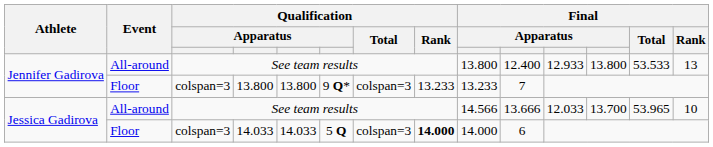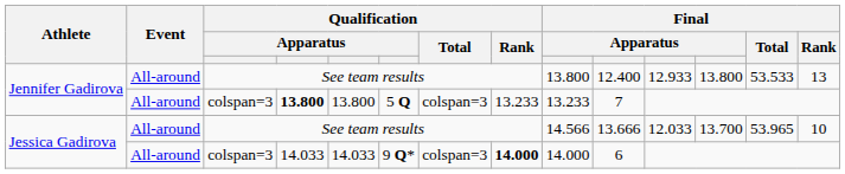 <table class=wikitable style=font-size:90%;text-align:center>
 <tr>
 <th rowspan=3>Athlete</th>
 <th rowspan=3>Event</th>
 <th colspan=6>Qualification</th>
 <th colspan=6>Final</th>
 </tr>
 <tr style=font-size:95%>
 <th colspan=4>Apparatus</th>
 <th rowspan=2>Total</th>
 <th rowspan=2>Rank</th>
 <th colspan=4>Apparatus</th>
 <th rowspan=2>Total</th>
 <th rowspan=2>Rank</th>
 </tr>
 <tr style=font-size:95%>
 <th></th>
 <th></th>
 <th></th>
 <th></th>
 <th></th>
 <th></th>
 <th></th>
 <th></th>
 </tr>
 <tr>
 <td align=left rowspan=2><a href='#'>Jennifer Gadirova</a></td>
 <td align=left><a href='#'>All-around</a></td>
 <td colspan=6><em>See team results</em></td>
 <td>13.800</td>
 <td>12.400</td>
 <td>12.933</td>
 <td>13.800</td>
 <td>53.533</td>
 <td>13</td>
 </tr>
 <tr>
-<td align=left><a href='#'>Floor</a></td>
+<td align=left><a href='#'>All-around</a></td>
 <td>colspan=3 </td>
+<td><strong>13.800</strong></td>
 <td>13.800</td>
-<td>13.800</td>
-<td>9 <strong>Q</strong>*</td>
+<td>5 <strong>Q</strong></td>
 <td>colspan=3 </td>
 <td>13.233</td>
 <td>13.233</td>
 <td>7</td>
 </tr>
 <tr>
 <td align=left rowspan=2><a href='#'>Jessica Gadirova</a></td>
 <td align=left><a href='#'>All-around</a></td>
 <td colspan=6><em>See team results</em></td>
 <td>14.566</td>
 <td>13.666</td>
 <td>12.033</td>
 <td>13.700</td>
 <td>53.965</td>
 <td>10</td>
 </tr>
 <tr>
-<td align=left><a href='#'>Floor</a></td>
+<td align=left><a href='#'>All-around</a></td>
 <td>colspan=3 </td>
 <td>14.033</td>
 <td>14.033</td>
-<td>5 <strong>Q</strong></td>
+<td>9 <strong>Q</strong>*</td>
 <td>colspan=3 </td>
 <td><strong>14.000</strong></td>
 <td>14.000</td>
 <td>6</td>
 </tr>
 </table>
